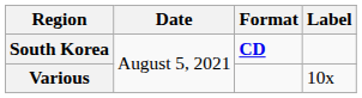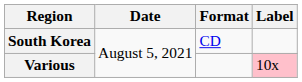 <table class="wikitable plainrowheaders">
 <tr>
 <th scope="col">Region</th>
 <th scope="col">Date</th>
 <th scope="col">Format</th>
 <th scope="col">Label</th>
 </tr>
 <tr>
 <th scope="row">South Korea</th>
 <td rowspan="2">August 5, 2021</td>
-<td><strong><a href='#'>CD</a></strong></td>
+<td><a href='#'>CD</a></td>
 <td></td>
 </tr>
 <tr>
 <th scope="row">Various</th>
 <td></td>
-<td>10x</td>
+<td style="background: pink;">10x</td>
 </tr>
 </table>
